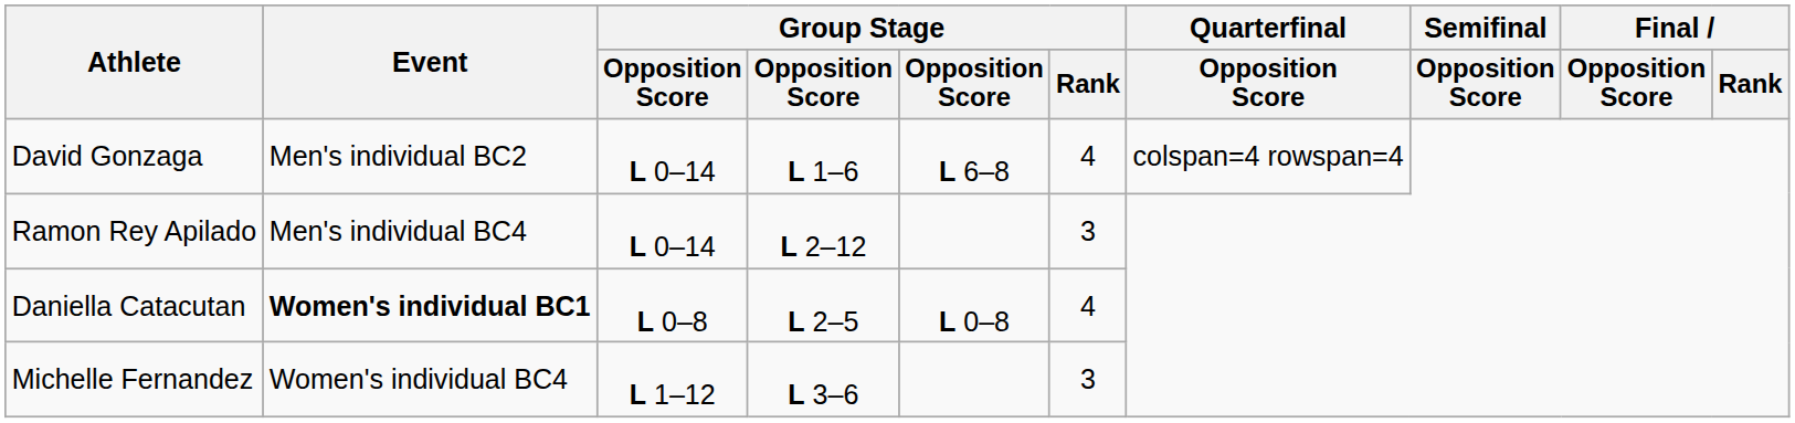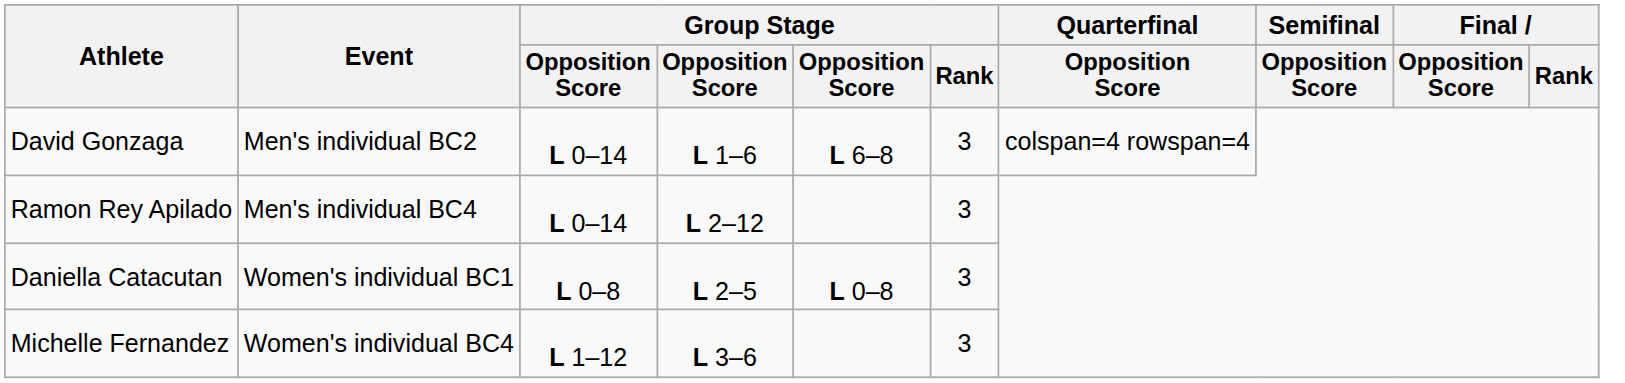 <table class="wikitable" style="font-size:90%; text-align:center">
 <tr>
 <th rowspan=2>Athlete</th>
 <th rowspan=2>Event</th>
 <th colspan=4>Group Stage</th>
 <th>Quarterfinal</th>
 <th>Semifinal</th>
 <th colspan=2>Final / </th>
 </tr>
 <tr style="font-size:95%">
 <th>Opposition<br>Score</th>
 <th>Opposition<br>Score</th>
 <th>Opposition<br>Score</th>
 <th>Rank</th>
 <th>Opposition<br>Score</th>
 <th>Opposition<br>Score</th>
 <th>Opposition<br>Score</th>
 <th>Rank</th>
 </tr>
 <tr>
 <td align=left>David Gonzaga</td>
 <td align=left>Men's individual BC2</td>
 <td><br><strong>L</strong> 0–14</td>
 <td><br><strong>L</strong> 1–6</td>
 <td><br><strong> L</strong> 6–8</td>
-<td>4</td>
+<td>3</td>
 <td>colspan=4 rowspan=4 </td>
 </tr>
 <tr>
 <td align=left>Ramon Rey Apilado</td>
 <td align=left>Men's individual BC4</td>
 <td><br><strong>L</strong> 0–14</td>
 <td><br><strong>L</strong> 2–12</td>
 <td></td>
 <td>3</td>
 </tr>
 <tr>
 <td align=left>Daniella Catacutan</td>
-<td align=left><strong>Women's individual BC1</strong></td>
+<td align=left>Women's individual BC1</td>
 <td><br><strong>L</strong> 0–8</td>
 <td><br><strong>L</strong> 2–5</td>
 <td><br><strong>L</strong> 0–8</td>
-<td>4</td>
+<td>3</td>
 </tr>
 <tr>
 <td align=left>Michelle Fernandez</td>
 <td align=left>Women's individual BC4</td>
 <td><br><strong>L</strong> 1–12</td>
 <td><br><strong>L</strong> 3–6</td>
 <td></td>
 <td>3</td>
 </tr>
 </table>
